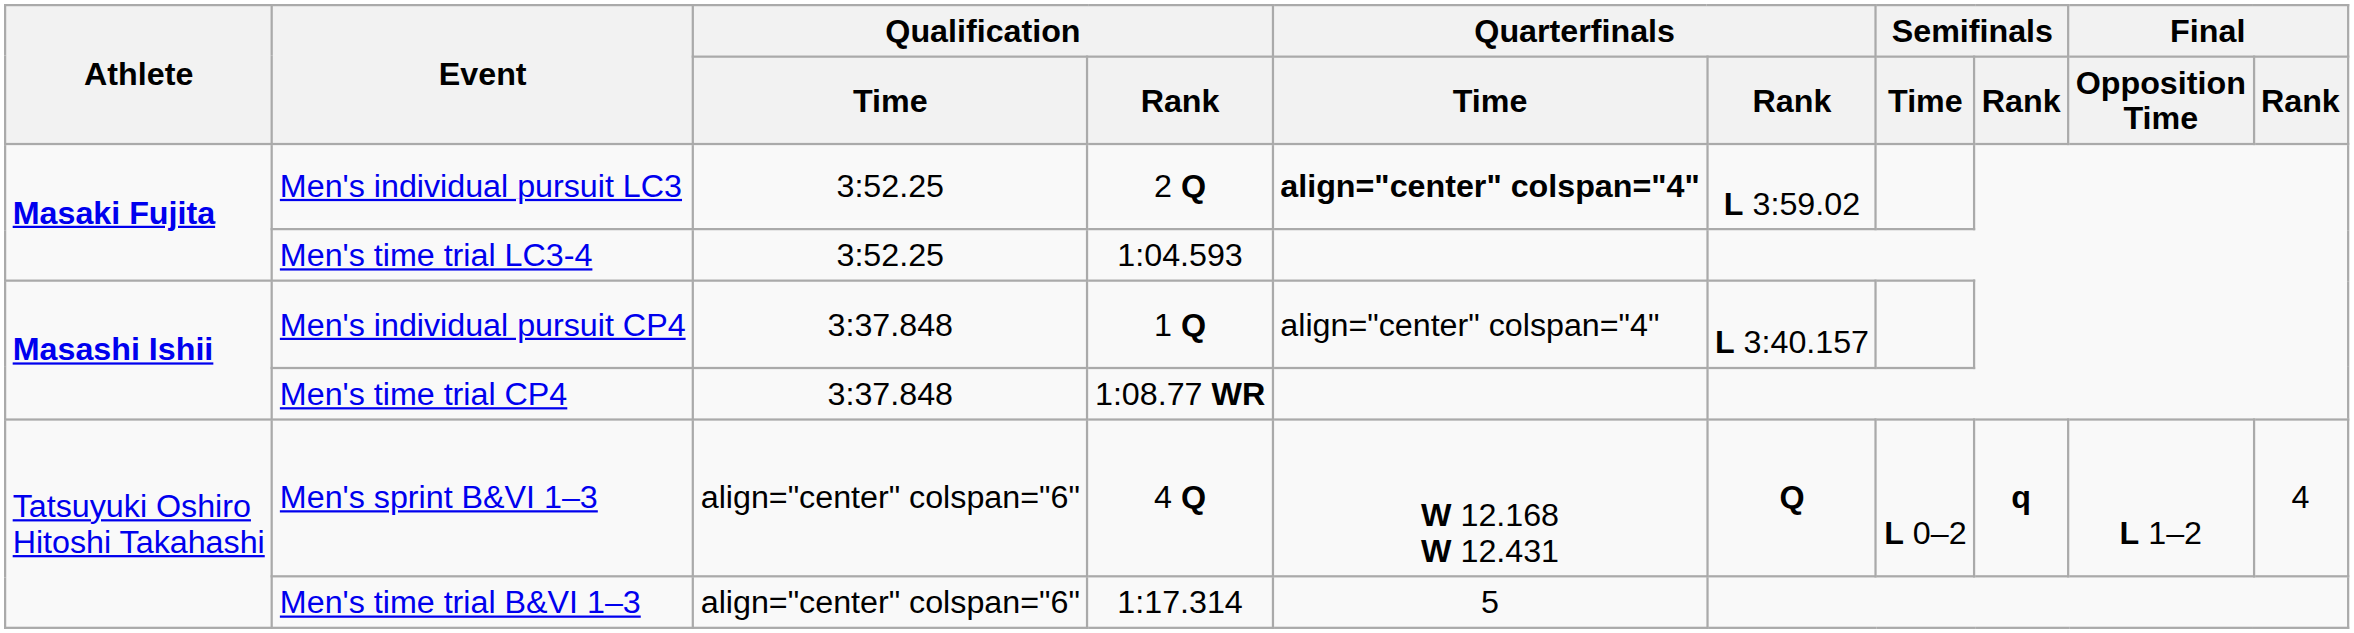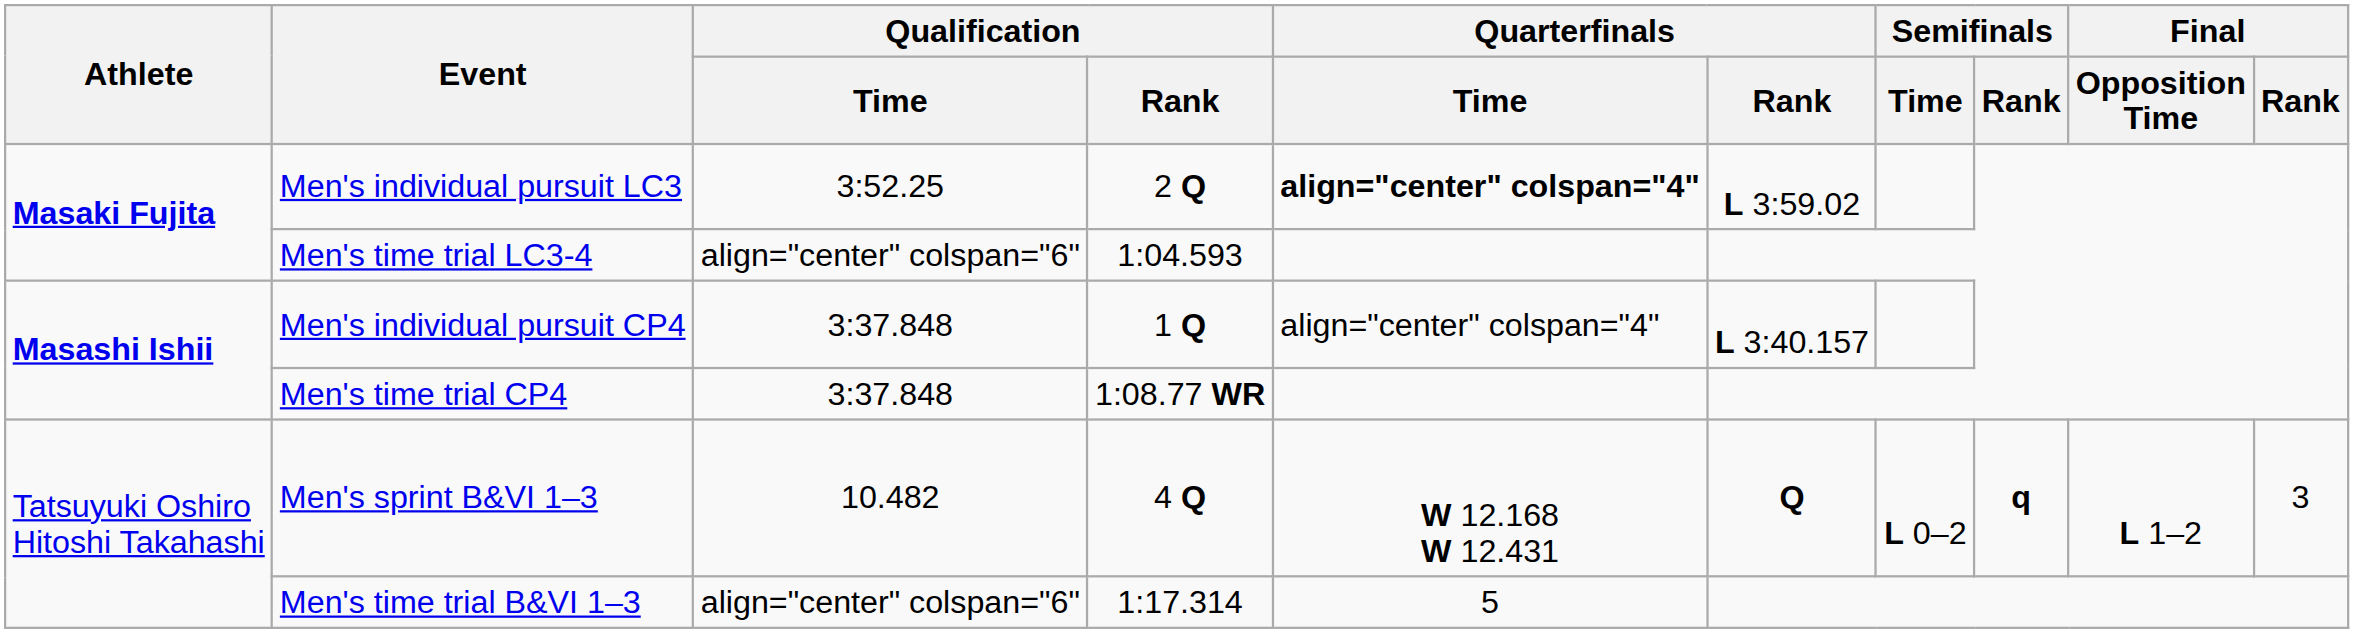 <table class=wikitable style="font-size:90%">
 <tr>
 <th rowspan="2">Athlete</th>
 <th rowspan="2">Event</th>
 <th colspan="2">Qualification</th>
 <th colspan="2">Quarterfinals</th>
 <th colspan="2">Semifinals</th>
 <th colspan="2">Final</th>
 </tr>
 <tr>
 <th>Time</th>
 <th>Rank</th>
 <th>Time</th>
 <th>Rank</th>
 <th>Time</th>
 <th>Rank</th>
 <th>Opposition<br>Time</th>
 <th>Rank</th>
 </tr>
 <tr>
 <td rowspan="2"><strong><a href='#'>Masaki Fujita</a></strong></td>
 <td><a href='#'>Men's individual pursuit LC3</a></td>
 <td align="center">3:52.25</td>
 <td align="center">2 <strong>Q</strong></td>
 <td><strong>align="center" colspan="4" </strong></td>
 <td align="center"><br> <strong>L</strong> 3:59.02</td>
 <td align="center"></td>
 </tr>
 <tr>
 <td><a href='#'>Men's time trial LC3-4</a></td>
-<td align="center">3:52.25</td>
+<td>align="center" colspan="6" </td>
 <td align="center">1:04.593</td>
 <td align="center"></td>
 </tr>
 <tr>
 <td rowspan="2"><strong><a href='#'>Masashi Ishii</a></strong></td>
 <td><a href='#'>Men's individual pursuit CP4</a></td>
 <td align="center">3:37.848</td>
 <td align="center">1 <strong>Q</strong></td>
 <td>align="center" colspan="4" </td>
 <td align="center"><br> <strong>L</strong> 3:40.157</td>
 <td align="center"></td>
 </tr>
 <tr>
 <td><a href='#'>Men's time trial CP4</a></td>
 <td align="center">3:37.848</td>
 <td align="center">1:08.77 <strong>WR</strong></td>
 <td align="center"></td>
 </tr>
 <tr>
 <td rowspan="2"><a href='#'>Tatsuyuki Oshiro</a><br> <a href='#'>Hitoshi Takahashi</a></td>
 <td><a href='#'>Men's sprint B&VI 1–3</a></td>
-<td>align="center" colspan="6" </td>
+<td align="center">10.482</td>
 <td align="center">4 <strong>Q</strong></td>
 <td align="center"><br> <br> <strong>W</strong> 12.168<br> <strong>W</strong> 12.431</td>
 <td align="center"><strong>Q</strong></td>
 <td align="center"><br> <br> <strong>L</strong> 0–2</td>
 <td align="center"><strong>q</strong></td>
 <td align="center"><br> <br> <strong>L</strong> 1–2</td>
-<td align="center">4</td>
+<td align="center">3</td>
 </tr>
 <tr>
 <td><a href='#'>Men's time trial B&VI 1–3</a></td>
 <td>align="center" colspan="6" </td>
 <td align="center">1:17.314</td>
 <td align="center">5</td>
 </tr>
 </table>
